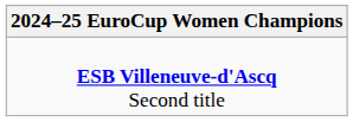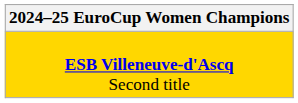 <table class=wikitable style="text-align:center; margin:auto">
 <tr>
 <th>2024–25 EuroCup Women Champions</th>
 </tr>
 <tr>
-<td> <br><strong><a href='#'>ESB Villeneuve-d'Ascq</a></strong><br>Second title</td>
+<td style="background: gold;"> <br><strong><a href='#'>ESB Villeneuve-d'Ascq</a></strong><br>Second title</td>
 </tr>
 </table>
